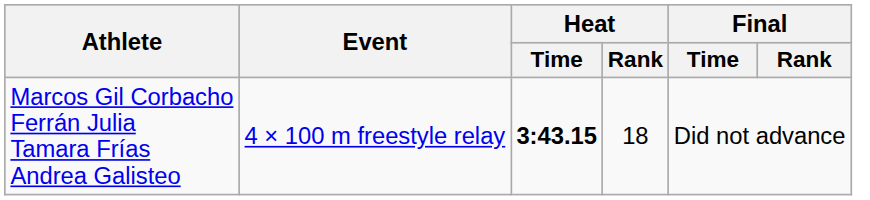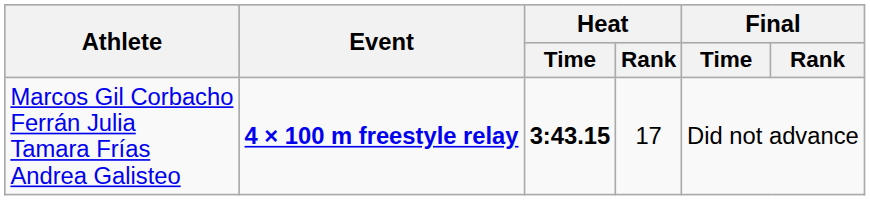 <table class=wikitable style="font-size:90%">
 <tr>
 <th rowspan=2>Athlete</th>
 <th rowspan=2>Event</th>
 <th colspan=2>Heat</th>
 <th colspan=2>Final</th>
 </tr>
 <tr style="font-size:95%">
 <th>Time</th>
 <th>Rank</th>
 <th>Time</th>
 <th>Rank</th>
 </tr>
 <tr align=center>
 <td align=left><a href='#'>Marcos Gil Corbacho</a><br><a href='#'>Ferrán Julia</a><br><a href='#'>Tamara Frías</a><br><a href='#'>Andrea Galisteo</a></td>
-<td align=left><a href='#'>4 × 100 m freestyle relay</a></td>
+<td align=left><strong><a href='#'>4 × 100 m freestyle relay</a></strong></td>
 <td><strong>3:43.15</strong></td>
-<td>18</td>
+<td>17</td>
 <td colspan=2>Did not advance</td>
 </tr>
 </table>
